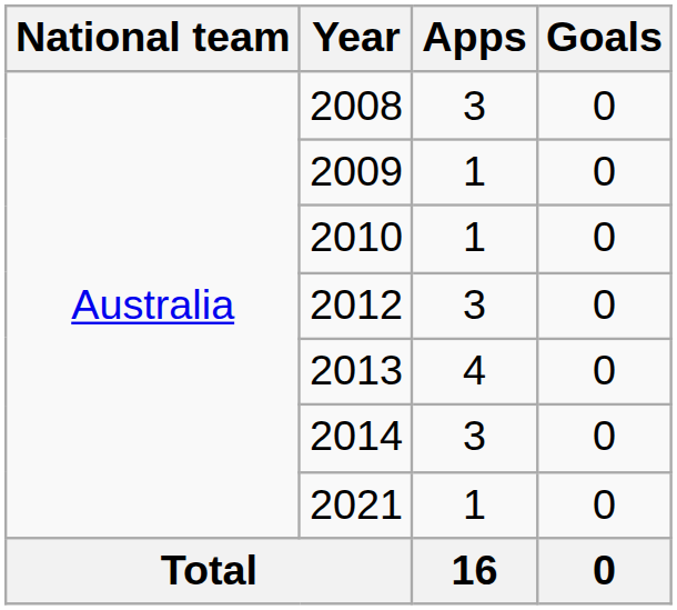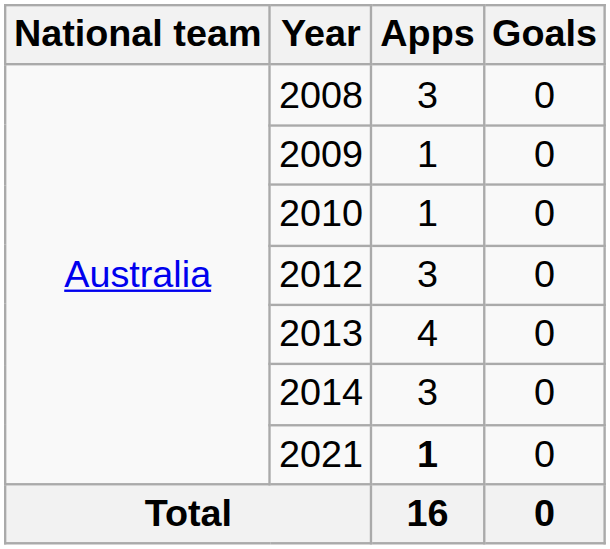 <table class="wikitable" style="text-align:center">
 <tr>
 <th>National team</th>
 <th>Year</th>
 <th>Apps</th>
 <th>Goals</th>
 </tr>
 <tr>
 <td rowspan="7"><a href='#'>Australia</a></td>
 <td>2008</td>
 <td>3</td>
 <td>0</td>
 </tr>
 <tr>
 <td>2009</td>
 <td>1</td>
 <td>0</td>
 </tr>
 <tr>
 <td>2010</td>
 <td>1</td>
 <td>0</td>
 </tr>
 <tr>
 <td>2012</td>
 <td>3</td>
 <td>0</td>
 </tr>
 <tr>
 <td>2013</td>
 <td>4</td>
 <td>0</td>
 </tr>
 <tr>
 <td>2014</td>
 <td>3</td>
 <td>0</td>
 </tr>
 <tr>
 <td>2021</td>
-<td>1</td>
+<td><strong>1</strong></td>
 <td>0</td>
 </tr>
 <tr>
 <th colspan="2">Total</th>
 <th>16</th>
 <th>0</th>
 </tr>
 </table>
